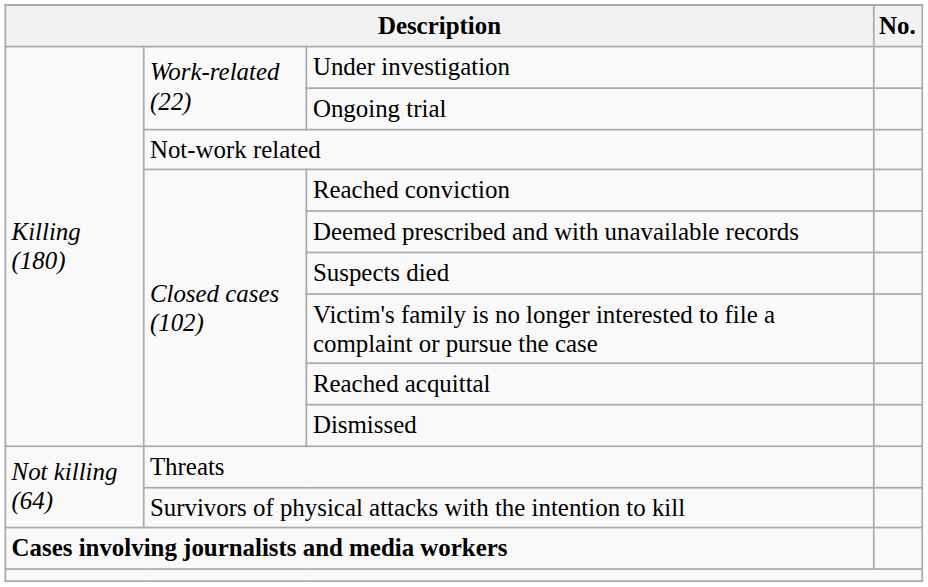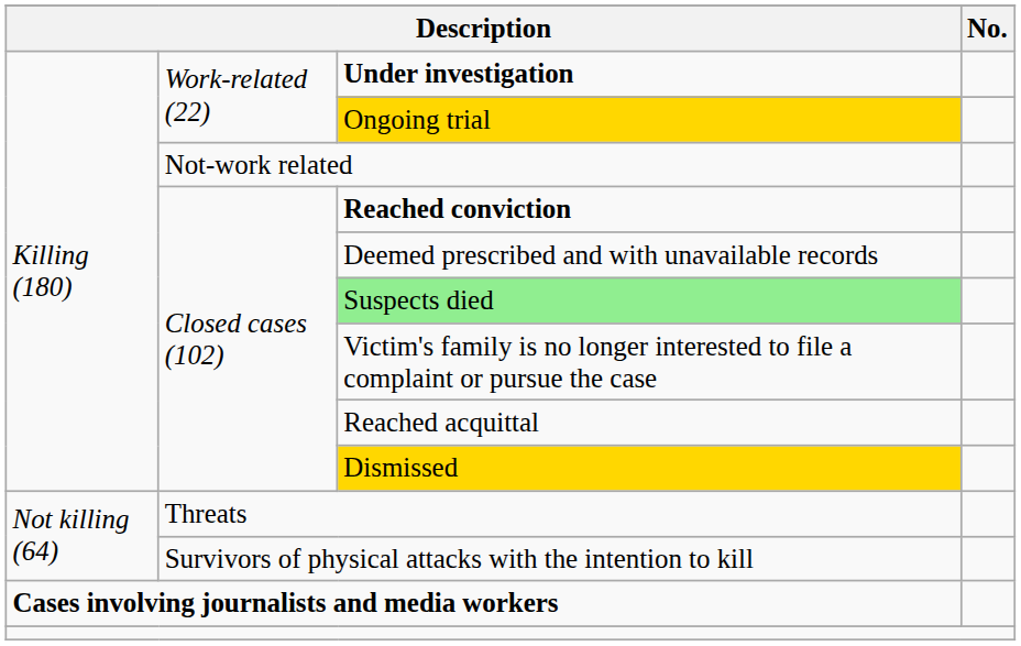 <table class="wikitable" style="font-size:90%;" align=right width=60%>
 <tr>
 </tr>
 <tr>
 <th colspan=3>Description</th>
 <th>No.</th>
 </tr>
 <tr>
 <td rowspan=9><em>Killing (180)</em></td>
 <td rowspan=2><em>Work-related (22)</em></td>
-<td>Under investigation<br></td>
+<td><strong>Under investigation<br></strong></td>
 <td></td>
 </tr>
 <tr>
-<td>Ongoing trial</td>
+<td style="background: gold;">Ongoing trial</td>
 <td></td>
 </tr>
 <tr>
 <td colspan=2>Not-work related</td>
 <td></td>
 </tr>
 <tr>
 <td rowspan=6><em>Closed cases (102)</em></td>
-<td>Reached conviction<br></td>
+<td><strong>Reached conviction<br></strong></td>
 <td></td>
 </tr>
 <tr>
 <td>Deemed prescribed and with unavailable records</td>
 <td></td>
 </tr>
 <tr>
-<td>Suspects died</td>
+<td style="background: lightgreen;">Suspects died</td>
 <td></td>
 </tr>
 <tr>
 <td>Victim's family is no longer interested to file a complaint or pursue the case</td>
 <td></td>
 </tr>
 <tr>
 <td>Reached acquittal</td>
 <td></td>
 </tr>
 <tr>
-<td>Dismissed</td>
+<td style="background: gold;">Dismissed</td>
 <td></td>
 </tr>
 <tr>
 <td rowspan=2><em>Not killing (64)</em></td>
 <td colspan=2>Threats</td>
 <td></td>
 </tr>
 <tr>
 <td colspan=2>Survivors of physical attacks with the intention to kill</td>
 <td></td>
 </tr>
 <tr>
 <td colspan=3><strong>Cases involving journalists and media workers</strong></td>
 <td><strong></strong></td>
 </tr>
 <tr>
 <td colspan=4></td>
 </tr>
 </table>
